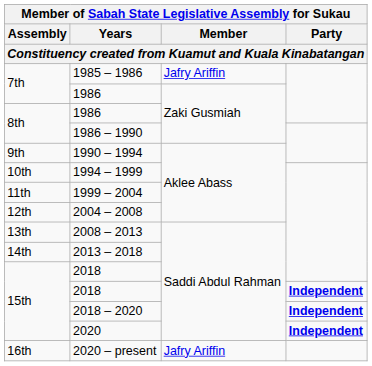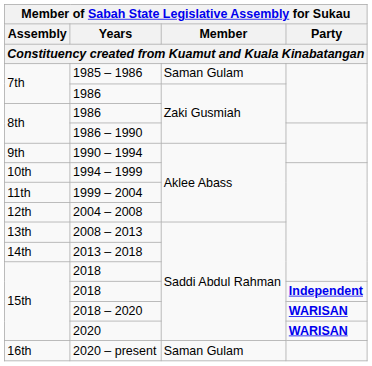 <table class="wikitable">
 <tr>
 <th colspan="4">Member of <a href='#'>Sabah State Legislative Assembly</a> for Sukau</th>
 </tr>
 <tr>
 <th>Assembly</th>
 <th>Years</th>
 <th>Member</th>
 <th>Party</th>
 </tr>
 <tr>
 <th colspan="4" align="center"><em>Constituency created from Kuamut and Kuala Kinabatangan</em></th>
 </tr>
 <tr>
 <td rowspan="2">7th</td>
 <td>1985 – 1986</td>
-<td><a href='#'>Jafry Ariffin</a></td>
+<td>Saman Gulam</td>
 <td rowspan="3"></td>
 </tr>
 <tr>
 <td>1986</td>
 <td rowspan="3">Zaki Gusmiah</td>
 </tr>
 <tr>
 <td rowspan="2">8th</td>
 <td>1986</td>
 </tr>
 <tr>
 <td>1986 – 1990</td>
 <td rowspan="2"></td>
 </tr>
 <tr>
 <td>9th</td>
 <td>1990 – 1994</td>
 <td rowspan="4">Aklee Abass</td>
 </tr>
 <tr>
 <td>10th</td>
 <td>1994 – 1999</td>
 <td rowspan="6"></td>
 </tr>
 <tr>
 <td>11th</td>
 <td>1999 – 2004</td>
 </tr>
 <tr>
 <td>12th</td>
 <td>2004 – 2008</td>
 </tr>
 <tr>
 <td>13th</td>
 <td>2008 – 2013</td>
 <td rowspan="6">Saddi Abdul Rahman</td>
 </tr>
 <tr>
 <td>14th</td>
 <td>2013 – 2018</td>
 </tr>
 <tr>
 <td rowspan="4">15th</td>
 <td>2018</td>
 </tr>
 <tr>
 <td>2018</td>
 <td><strong><a href='#'>Independent</a> </strong></td>
 </tr>
 <tr>
 <td>2018 – 2020</td>
-<td><strong><a href='#'>Independent</a> </strong></td>
+<td><strong><a href='#'>WARISAN</a></strong></td>
 </tr>
 <tr>
 <td>2020</td>
-<td><strong><a href='#'>Independent</a> </strong></td>
+<td><strong><a href='#'>WARISAN</a></strong></td>
 </tr>
 <tr>
 <td>16th</td>
 <td>2020 – present</td>
-<td><a href='#'>Jafry Ariffin</a></td>
+<td>Saman Gulam</td>
 <td></td>
 </tr>
 </table>
